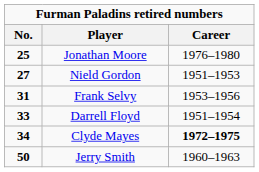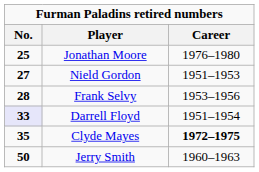 <table class="wikitable sortable" style="text-align:center">
 <tr>
 <td colspan="5"><strong>Furman Paladins retired numbers</strong></td>
 </tr>
 <tr>
 <th width=40px>No.</th>
 <th width=150px>Player</th>
 <th width=100px>Career</th>
 </tr>
 <tr>
 <td><strong>25</strong></td>
 <td><a href='#'>Jonathan Moore</a></td>
 <td>1976–1980</td>
 </tr>
 <tr>
 <td><strong>27</strong></td>
 <td><a href='#'>Nield Gordon</a></td>
 <td>1951–1953</td>
 </tr>
 <tr>
-<td><strong>31</strong></td>
+<td><strong>28</strong></td>
 <td><a href='#'>Frank Selvy</a></td>
 <td>1953–1956</td>
 </tr>
 <tr>
-<td><strong>33</strong></td>
+<td style="background: lavender;"><strong>33</strong></td>
 <td><a href='#'>Darrell Floyd</a></td>
 <td>1951–1954</td>
 </tr>
 <tr>
-<td><strong>34</strong></td>
+<td><strong>35</strong></td>
 <td><a href='#'>Clyde Mayes</a></td>
 <td><strong>1972–1975</strong></td>
 </tr>
 <tr>
 <td><strong>50</strong></td>
 <td><a href='#'>Jerry Smith</a></td>
 <td>1960–1963</td>
 </tr>
 </table>
